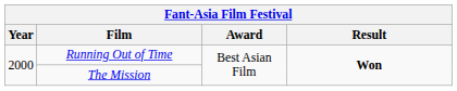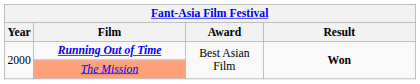 <table class="wikitable">
 <tr>
 <th colspan="5" align="center"><a href='#'>Fant-Asia Film Festival</a></th>
 </tr>
 <tr>
 <th width="33">Year</th>
 <th width="200">Film</th>
 <th width="100">Award</th>
 <th width="200">Result</th>
 </tr>
 <tr>
 <td align="center" rowspan="2">2000</td>
-<td align="center"><em><a href='#'>Running Out of Time</a></em></td>
+<td align="center"><strong><em><a href='#'>Running Out of Time</a></em></strong></td>
 <td align="center" rowspan="2">Best Asian Film</td>
 <td align="center" rowspan="2"><strong>Won</strong></td>
 </tr>
 <tr>
-<td align="center"><em><a href='#'>The Mission</a></em></td>
+<td align="center" style="background: lightsalmon;"><em><a href='#'>The Mission</a></em></td>
 </tr>
 </table>
